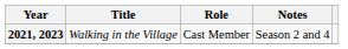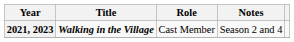 <table class="wikitable sortable plainrowheaders">
 <tr>
 <th scope="col">Year</th>
 <th scope="col">Title</th>
 <th scope="col">Role</th>
 <th scope="col" class="unsortable">Notes</th>
 <th scope="col" class="unsortable"></th>
 </tr>
 <tr>
 <th scope="row">2021, 2023</th>
-<td><em>Walking in the Village</em></td>
+<td><strong><em>Walking in the Village</em></strong></td>
 <td>Cast Member</td>
 <td>Season 2 and 4</td>
 <td></td>
 </tr>
 <tr>
 </tr>
 </table>
